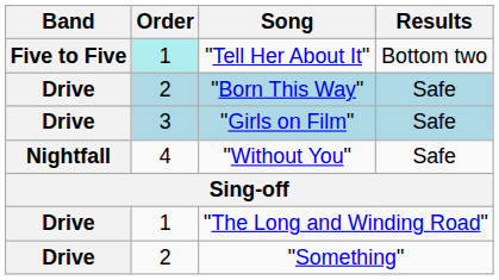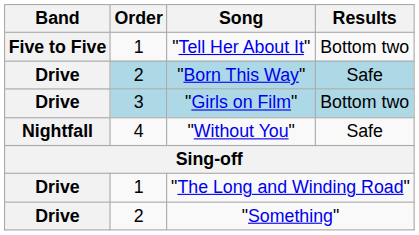 <table class="wikitable plainrowheaders" style="text-align:center;">
 <tr>
 <th scope="col">Band</th>
 <th scope="col">Order</th>
 <th scope="col">Song</th>
 <th scope="col">Results</th>
 </tr>
 <tr>
 <th scope="row">Five to Five</th>
-<td style="background: paleturquoise;">1</td>
+<td>1</td>
 <td>"<a href='#'>Tell Her About It</a>"</td>
 <td>Bottom two</td>
 </tr>
 <tr style="background:lightblue">
 <th scope="row">Drive</th>
 <td>2</td>
 <td>"<a href='#'>Born This Way</a>"</td>
 <td>Safe</td>
 </tr>
 <tr style="background:lightblue">
 <th scope="row">Drive</th>
 <td>3</td>
 <td>"<a href='#'>Girls on Film</a>"</td>
-<td>Safe</td>
+<td>Bottom two</td>
 </tr>
 <tr>
 <th scope="row">Nightfall</th>
 <td>4</td>
 <td>"<a href='#'>Without You</a>"</td>
 <td>Safe</td>
 </tr>
 <tr>
 <th colspan="4">Sing-off</th>
 </tr>
 <tr>
 <th scope="row">Drive</th>
 <td>1</td>
 <td colspan="2">"<a href='#'>The Long and Winding Road</a>"</td>
 </tr>
 <tr>
 <th scope="row">Drive</th>
 <td>2</td>
 <td colspan="2">"<a href='#'>Something</a>"</td>
 </tr>
 </table>
